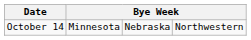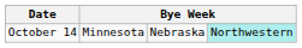 <table class="wikitable" style="font-size:95%;">
 <tr>
 <th>Date</th>
 <th colspan="3">Bye Week</th>
 </tr>
 <tr>
 <td>October 14</td>
 <td>Minnesota</td>
 <td>Nebraska</td>
-<td>Northwestern</td>
+<td style="background: paleturquoise;">Northwestern</td>
 </tr>
 </table>
